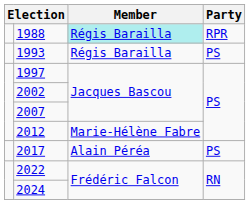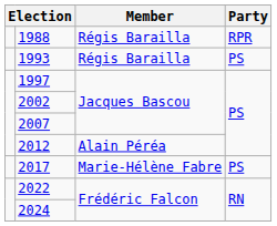 <table class="wikitable">
 <tr>
 <th colspan="2">Election</th>
 <th>Member</th>
 <th>Party</th>
 </tr>
 <tr>
 <td style="color:inherit;background-color: "></td>
 <td><a href='#'>1988</a></td>
-<td style="background: paleturquoise;"><a href='#'>Régis Barailla</a></td>
+<td><a href='#'>Régis Barailla</a></td>
 <td><a href='#'>RPR</a></td>
 </tr>
 <tr>
 <td style="color:inherit;background-color: "></td>
 <td><a href='#'>1993</a></td>
 <td><a href='#'>Régis Barailla</a></td>
 <td><a href='#'>PS</a></td>
 </tr>
 <tr>
 <td rowspan="4" style="color:inherit;background-color: "></td>
 <td><a href='#'>1997</a></td>
 <td rowspan=3><a href='#'>Jacques Bascou</a></td>
 <td rowspan="4"><a href='#'>PS</a></td>
 </tr>
 <tr>
 <td><a href='#'>2002</a></td>
 </tr>
 <tr>
 <td><a href='#'>2007</a></td>
 </tr>
 <tr>
 <td><a href='#'>2012</a></td>
-<td><a href='#'>Marie-Hélène Fabre</a></td>
+<td><a href='#'>Alain Péréa</a></td>
 </tr>
 <tr>
 <td style="color:inherit;background-color: "></td>
 <td><a href='#'>2017</a></td>
-<td><a href='#'>Alain Péréa</a></td>
+<td><a href='#'>Marie-Hélène Fabre</a></td>
 <td><a href='#'>PS</a></td>
 </tr>
 <tr>
 <td rowspan="4" style="color:inherit;background-color: "></td>
 <td><a href='#'>2022</a></td>
 <td rowspan="2"><a href='#'>Frédéric Falcon</a></td>
 <td rowspan="2"><a href='#'>RN</a></td>
 </tr>
 <tr>
 <td><a href='#'>2024</a></td>
 </tr>
 </table>
